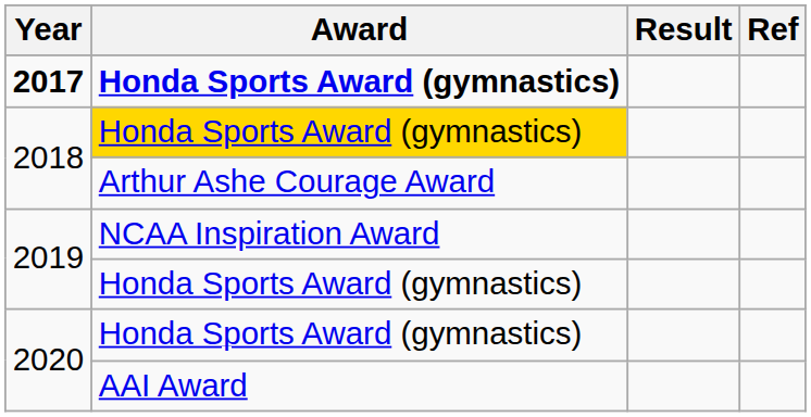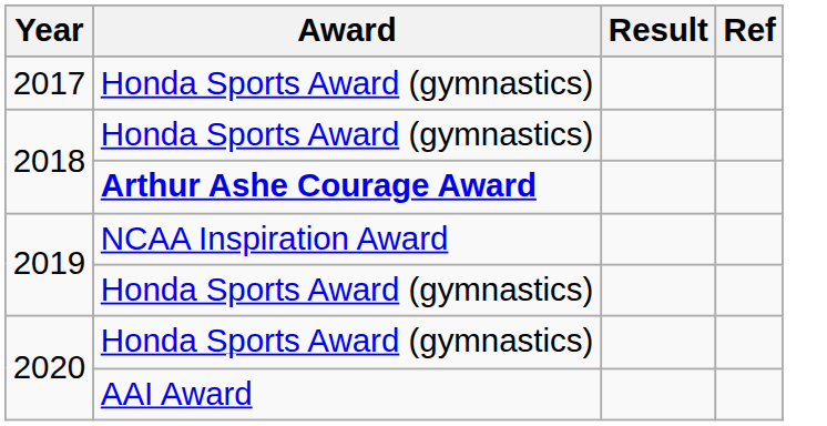 <table class="wikitable">
 <tr>
 <th>Year</th>
 <th>Award</th>
 <th>Result</th>
 <th>Ref</th>
 </tr>
 <tr>
-<td><strong>2017</strong></td>
-<td><strong><a href='#'>Honda Sports Award</a> (gymnastics)</strong></td>
+<td>2017</td>
+<td><a href='#'>Honda Sports Award</a> (gymnastics)</td>
 <td></td>
 <td></td>
 </tr>
 <tr>
 <td rowspan="2">2018</td>
-<td style="background: gold;"><a href='#'>Honda Sports Award</a> (gymnastics)</td>
+<td><a href='#'>Honda Sports Award</a> (gymnastics)</td>
 <td></td>
 <td></td>
 </tr>
 <tr>
-<td><a href='#'>Arthur Ashe Courage Award</a></td>
+<td><strong><a href='#'>Arthur Ashe Courage Award</a></strong></td>
 <td></td>
 <td></td>
 </tr>
 <tr>
 <td rowspan="2">2019</td>
 <td><a href='#'>NCAA Inspiration Award</a></td>
 <td></td>
 <td></td>
 </tr>
 <tr>
 <td><a href='#'>Honda Sports Award</a> (gymnastics)</td>
 <td></td>
 <td></td>
 </tr>
 <tr>
 <td rowspan="2">2020</td>
 <td><a href='#'>Honda Sports Award</a> (gymnastics)</td>
 <td></td>
 <td></td>
 </tr>
 <tr>
 <td><a href='#'>AAI Award</a></td>
 <td></td>
 <td></td>
 </tr>
 </table>
